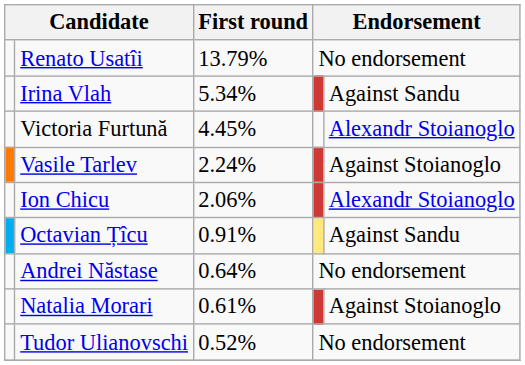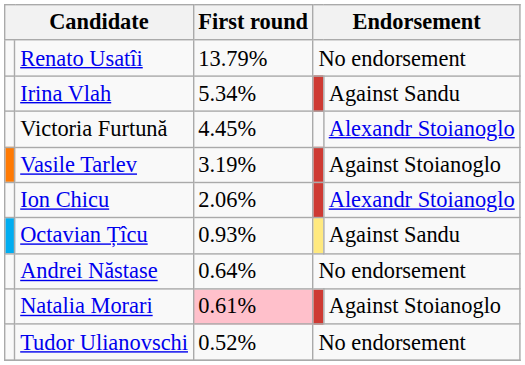 <table class="wikitable">
 <tr>
 <th colspan="2">Candidate</th>
 <th>First round</th>
 <th colspan="2">Endorsement</th>
 </tr>
 <tr>
 <td style="background-color: "></td>
 <td><a href='#'>Renato Usatîi</a></td>
 <td>13.79%</td>
 <td colspan="2">No endorsement</td>
 </tr>
 <tr>
 <td style="background-color: "></td>
 <td><a href='#'>Irina Vlah</a></td>
 <td>5.34%</td>
 <td style="background-color: #ce3a33;"></td>
 <td>Against Sandu</td>
 </tr>
 <tr>
 <td style="background-color: "></td>
 <td>Victoria Furtună</td>
 <td>4.45%</td>
 <td style="background-color: "></td>
 <td><a href='#'>Alexandr Stoianoglo</a></td>
 </tr>
 <tr>
 <td style="background-color: #FF7A03;"></td>
 <td><a href='#'>Vasile Tarlev</a></td>
-<td>2.24%</td>
+<td>3.19%</td>
 <td style="background-color: #ce3a33;"></td>
 <td>Against Stoianoglo</td>
 </tr>
 <tr>
 <td style="background-color: "></td>
 <td><a href='#'>Ion Chicu</a></td>
 <td>2.06%</td>
 <td style="background-color: #ce3a33;"></td>
 <td><a href='#'>Alexandr Stoianoglo</a></td>
 </tr>
 <tr>
 <td style="background-color: #00ADF1;"></td>
 <td><a href='#'>Octavian Țîcu</a></td>
-<td>0.91%</td>
+<td>0.93%</td>
 <td style="background-color: #FFE97F;"></td>
 <td>Against Sandu</td>
 </tr>
 <tr>
 <td style="background-color: "></td>
 <td><a href='#'>Andrei Năstase</a></td>
 <td>0.64%</td>
 <td colspan="2">No endorsement</td>
 </tr>
 <tr>
 <td style="background-color: "></td>
 <td><a href='#'>Natalia Morari</a></td>
-<td>0.61%</td>
+<td style="background: pink;">0.61%</td>
 <td style="background-color: #ce3a33;"></td>
 <td>Against Stoianoglo</td>
 </tr>
 <tr>
 <td style="background-color: "></td>
 <td><a href='#'>Tudor Ulianovschi</a></td>
 <td>0.52%</td>
 <td colspan="2">No endorsement</td>
 </tr>
 <tr>
 </tr>
 </table>
